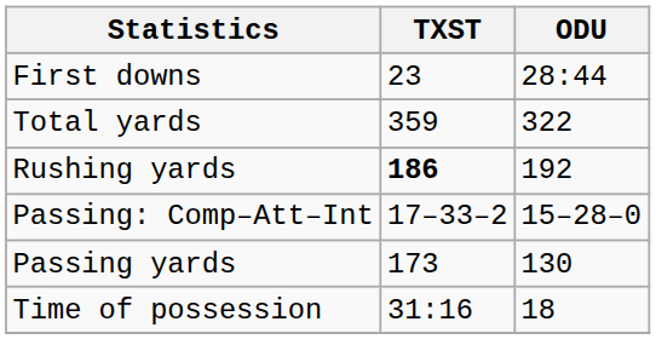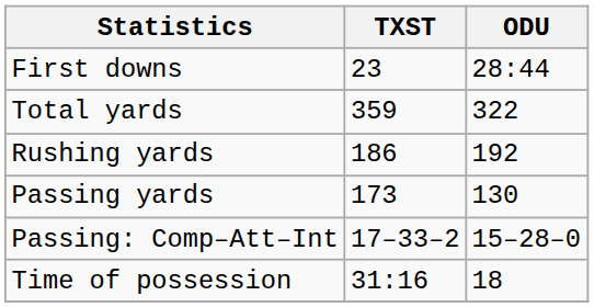 <table class="wikitable" style="float: left;">
 <tr>
 <th>Statistics</th>
 <th>TXST</th>
 <th>ODU</th>
 </tr>
 <tr>
 <td>First downs</td>
 <td>23</td>
 <td>28:44</td>
 </tr>
 <tr>
 <td>Total yards</td>
 <td>359</td>
 <td>322</td>
 </tr>
 <tr>
 <td>Rushing yards</td>
-<td><strong>186</strong></td>
+<td>186</td>
 <td>192</td>
+</tr>
+<tr>
+<td>Passing yards</td>
+<td>173</td>
+<td>130</td>
 </tr>
 <tr>
 <td>Passing: Comp–Att–Int</td>
 <td>17–33–2</td>
 <td>15–28–0</td>
-</tr>
-<tr>
-<td>Passing yards</td>
-<td>173</td>
-<td>130</td>
 </tr>
 <tr>
 <td>Time of possession</td>
 <td>31:16</td>
 <td>18</td>
 </tr>
 <tr>
 </tr>
 </table>
